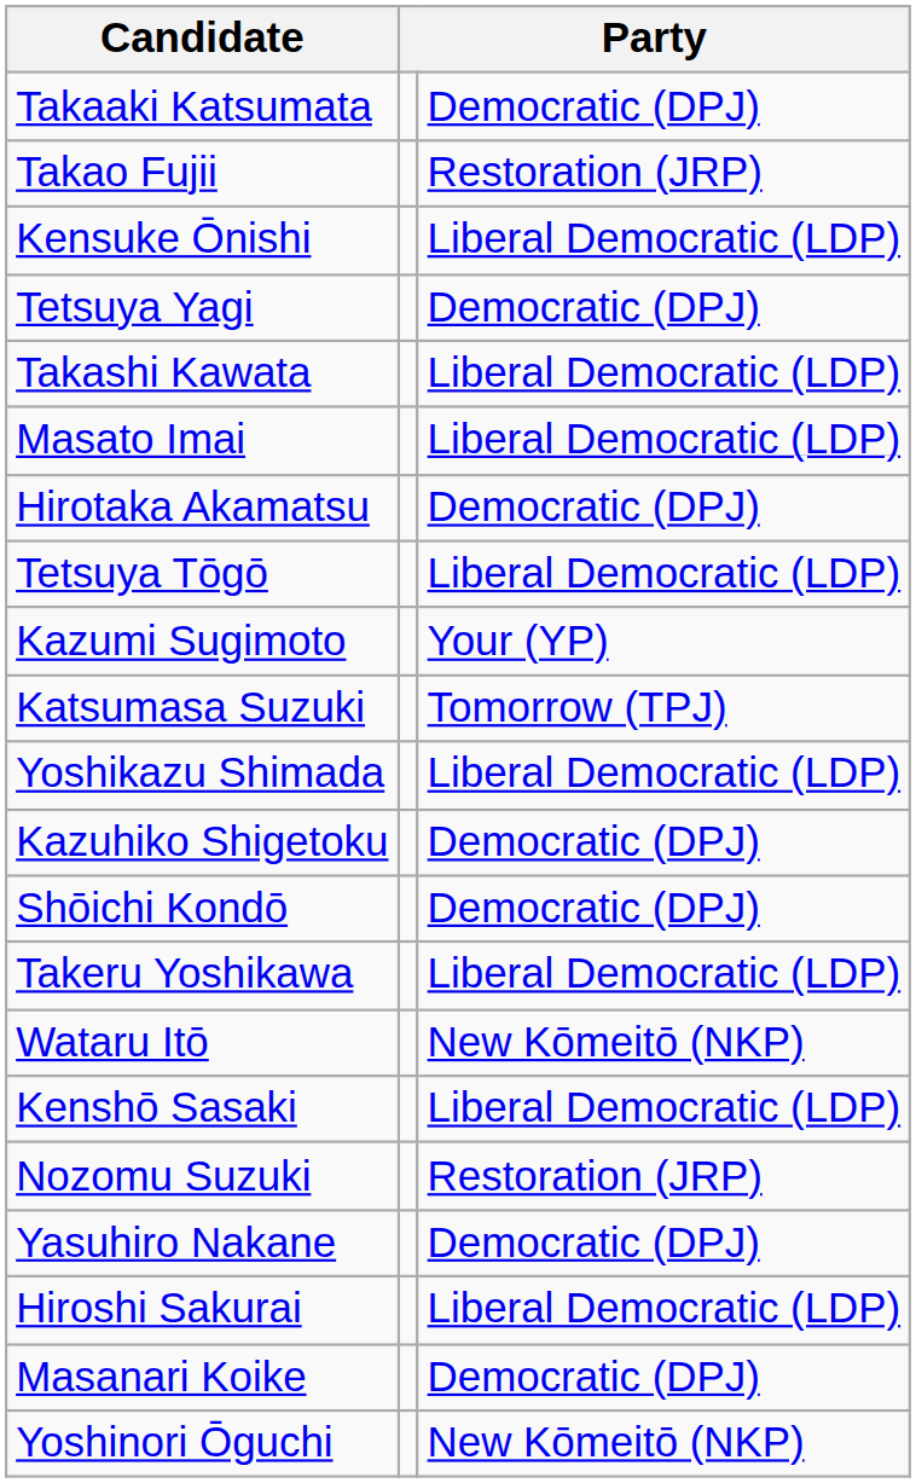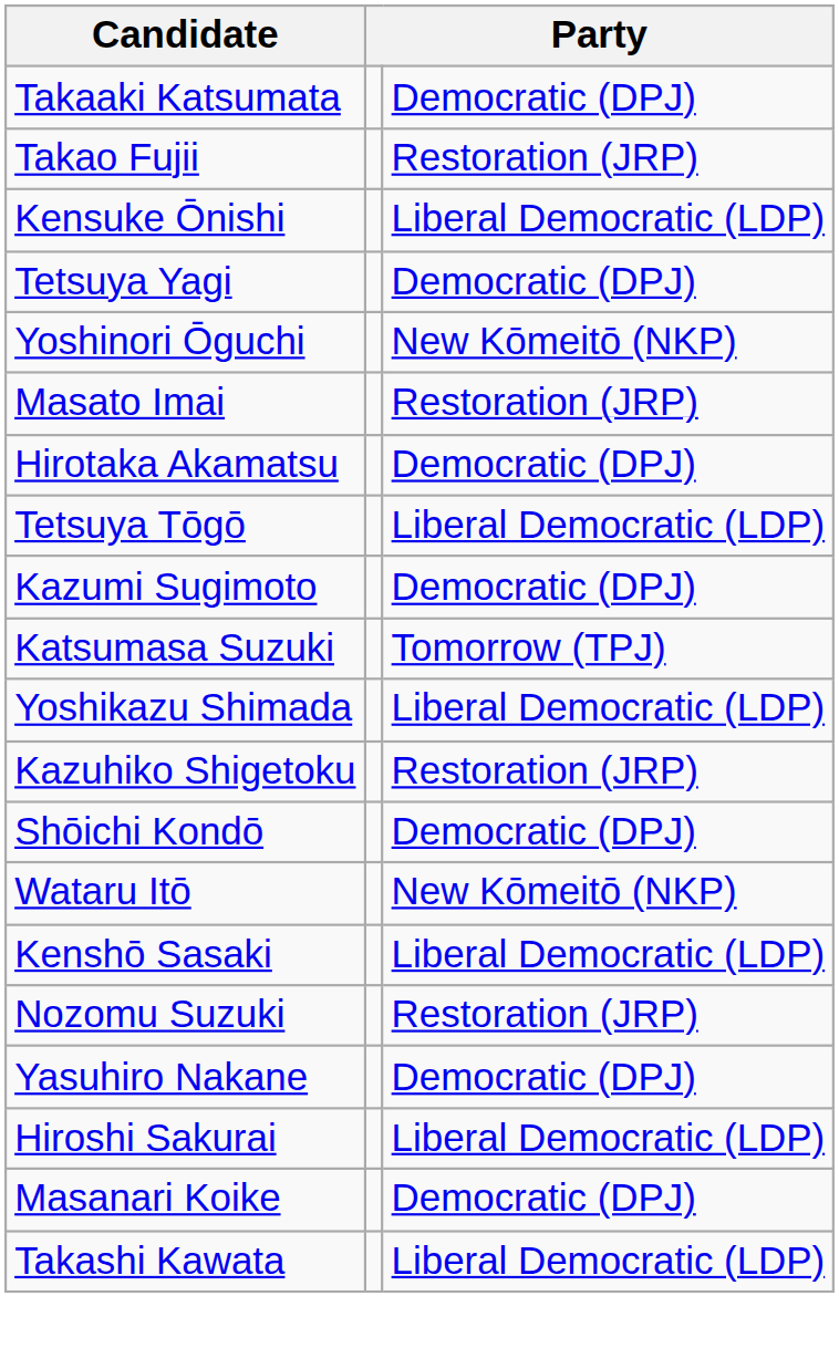 <table class="wikitable">
 <tr>
 <th>Candidate</th>
 <th colspan="2">Party</th>
 </tr>
 <tr>
 <td><a href='#'>Takaaki Katsumata</a></td>
 <td></td>
 <td><a href='#'>Democratic (DPJ)</a></td>
 </tr>
 <tr>
 <td><a href='#'>Takao Fujii</a></td>
 <td></td>
 <td><a href='#'>Restoration (JRP)</a></td>
 </tr>
 <tr>
 <td><a href='#'>Kensuke Ōnishi</a></td>
 <td></td>
 <td><a href='#'>Liberal Democratic (LDP)</a></td>
 </tr>
 <tr>
 <td><a href='#'>Tetsuya Yagi</a></td>
 <td></td>
 <td><a href='#'>Democratic (DPJ)</a></td>
 </tr>
 <tr>
-<td><a href='#'>Takashi Kawata</a></td>
+<td><a href='#'>Yoshinori Ōguchi</a></td>
 <td></td>
-<td><a href='#'>Liberal Democratic (LDP)</a></td>
+<td><a href='#'>New Kōmeitō (NKP)</a></td>
 </tr>
 <tr>
 <td><a href='#'>Masato Imai</a></td>
 <td></td>
-<td><a href='#'>Liberal Democratic (LDP)</a></td>
+<td><a href='#'>Restoration (JRP)</a></td>
 </tr>
 <tr>
 <td><a href='#'>Hirotaka Akamatsu</a></td>
 <td></td>
 <td><a href='#'>Democratic (DPJ)</a></td>
 </tr>
 <tr>
 <td><a href='#'>Tetsuya Tōgō</a></td>
 <td></td>
 <td><a href='#'>Liberal Democratic (LDP)</a></td>
 </tr>
 <tr>
 <td><a href='#'>Kazumi Sugimoto</a></td>
 <td></td>
-<td><a href='#'>Your (YP)</a></td>
+<td><a href='#'>Democratic (DPJ)</a></td>
 </tr>
 <tr>
 <td><a href='#'>Katsumasa Suzuki</a></td>
 <td></td>
 <td><a href='#'>Tomorrow (TPJ)</a></td>
 </tr>
 <tr>
 <td><a href='#'>Yoshikazu Shimada</a></td>
 <td></td>
 <td><a href='#'>Liberal Democratic (LDP)</a></td>
 </tr>
 <tr>
 <td><a href='#'>Kazuhiko Shigetoku</a></td>
 <td></td>
-<td><a href='#'>Democratic (DPJ)</a></td>
+<td><a href='#'>Restoration (JRP)</a></td>
 </tr>
 <tr>
 <td><a href='#'>Shōichi Kondō</a></td>
 <td></td>
 <td><a href='#'>Democratic (DPJ)</a></td>
-</tr>
-<tr>
-<td><a href='#'>Takeru Yoshikawa</a></td>
-<td></td>
-<td><a href='#'>Liberal Democratic (LDP)</a></td>
 </tr>
 <tr>
 <td><a href='#'>Wataru Itō</a></td>
 <td></td>
 <td><a href='#'>New Kōmeitō (NKP)</a></td>
 </tr>
 <tr>
 <td><a href='#'>Kenshō Sasaki</a></td>
 <td></td>
 <td><a href='#'>Liberal Democratic (LDP)</a></td>
 </tr>
 <tr>
 <td><a href='#'>Nozomu Suzuki</a></td>
 <td></td>
 <td><a href='#'>Restoration (JRP)</a></td>
 </tr>
 <tr>
 <td><a href='#'>Yasuhiro Nakane</a></td>
 <td></td>
 <td><a href='#'>Democratic (DPJ)</a></td>
 </tr>
 <tr>
 <td><a href='#'>Hiroshi Sakurai</a></td>
 <td></td>
 <td><a href='#'>Liberal Democratic (LDP)</a></td>
 </tr>
 <tr>
 <td><a href='#'>Masanari Koike</a></td>
 <td></td>
 <td><a href='#'>Democratic (DPJ)</a></td>
 </tr>
 <tr>
-<td><a href='#'>Yoshinori Ōguchi</a></td>
+<td><a href='#'>Takashi Kawata</a></td>
 <td></td>
-<td><a href='#'>New Kōmeitō (NKP)</a></td>
+<td><a href='#'>Liberal Democratic (LDP)</a></td>
 </tr>
 </table>
